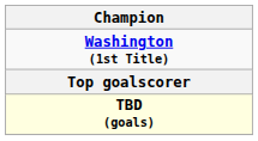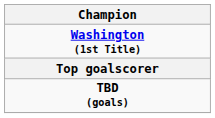 <table class="wikitable" style="margin: 0 auto; width: 220px;">
 <tr>
 <th>Champion</th>
 </tr>
 <tr>
 <td align="center"><strong> <a href='#'> Washington</a> </strong><br><small><strong>(1st Title)</strong></small></td>
 </tr>
 <tr>
 <th>Top goalscorer</th>
 </tr>
 <tr>
-<td align="center" style="background: lightyellow;"><strong> TBD </strong><br><small><strong>(goals)</strong></small></td>
+<td align="center"><strong> TBD </strong><br><small><strong>(goals)</strong></small></td>
 </tr>
 <tr>
 </tr>
 </table>
